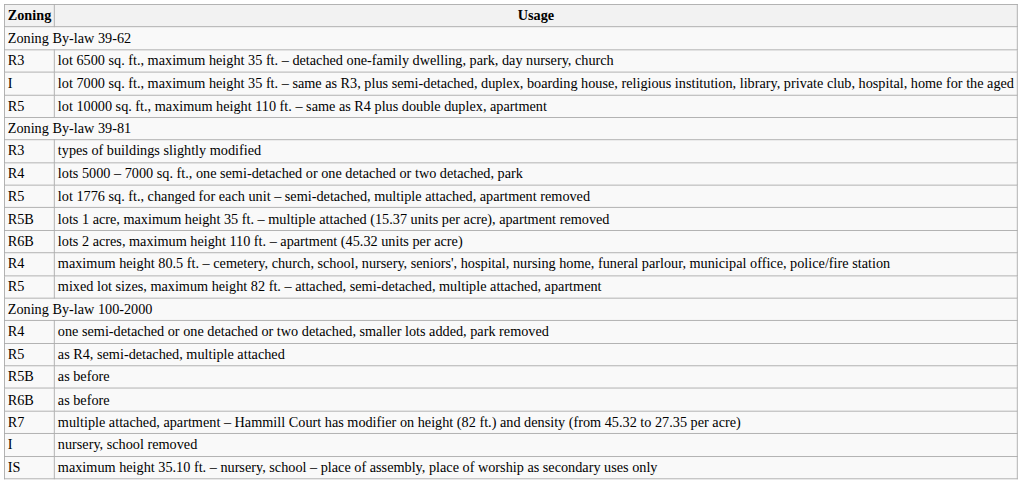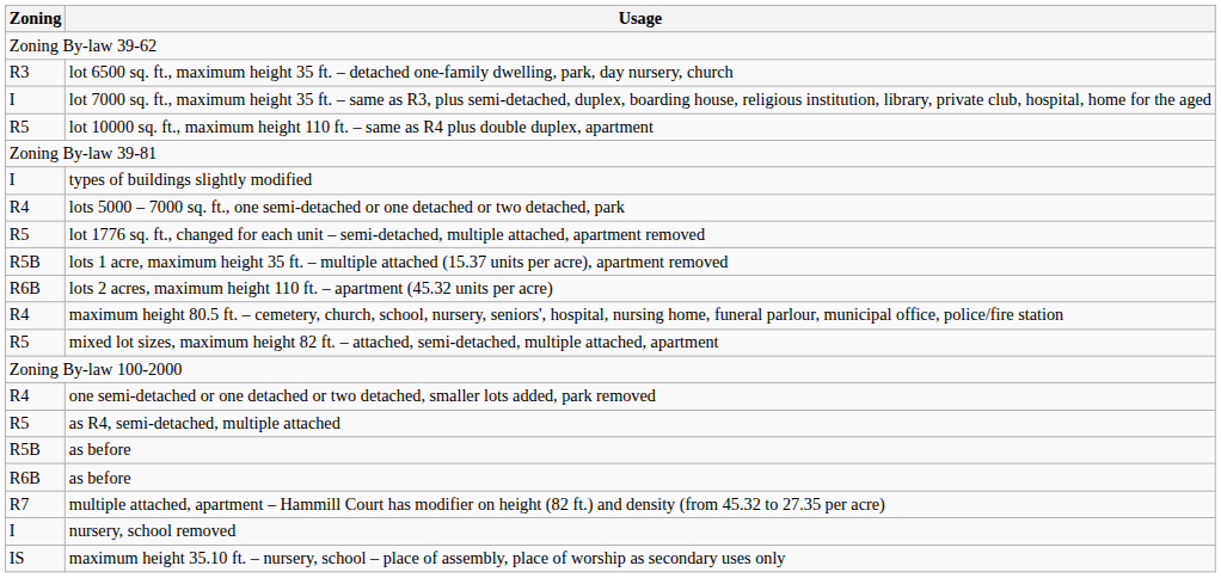 <table class="wikitable">
 <tr>
 <th>Zoning</th>
 <th>Usage</th>
 </tr>
 <tr>
 <td colspan="2">Zoning By-law 39-62</td>
 </tr>
 <tr>
 <td>R3</td>
 <td>lot 6500 sq. ft., maximum height 35 ft. – detached one-family dwelling, park, day nursery, church</td>
 </tr>
 <tr>
 <td>I</td>
 <td>lot 7000 sq. ft., maximum height 35 ft. – same as R3, plus semi-detached, duplex, boarding house, religious institution, library, private club, hospital, home for the aged</td>
 </tr>
 <tr>
 <td>R5</td>
 <td>lot 10000 sq. ft., maximum height 110 ft. – same as R4 plus double duplex, apartment</td>
 </tr>
 <tr>
 <td colspan="2">Zoning By-law 39-81</td>
 </tr>
 <tr>
-<td>R3</td>
+<td>I</td>
 <td>types of buildings slightly modified</td>
 </tr>
 <tr>
 <td>R4</td>
 <td>lots 5000 – 7000 sq. ft., one semi-detached or one detached or two detached, park</td>
 </tr>
 <tr>
 <td>R5</td>
 <td>lot 1776 sq. ft., changed for each unit – semi-detached, multiple attached, apartment removed</td>
 </tr>
 <tr>
 <td>R5B</td>
 <td>lots 1 acre, maximum height 35 ft. – multiple attached (15.37 units per acre), apartment removed</td>
 </tr>
 <tr>
 <td>R6B</td>
 <td>lots 2 acres, maximum height 110 ft. – apartment (45.32 units per acre)</td>
 </tr>
 <tr>
 <td>R4</td>
 <td>maximum height 80.5 ft. –  cemetery, church, school, nursery, seniors', hospital, nursing home, funeral parlour, municipal office, police/fire station</td>
 </tr>
 <tr>
 <td>R5</td>
 <td>mixed lot sizes, maximum height 82 ft. – attached, semi-detached, multiple attached, apartment</td>
 </tr>
 <tr>
 <td colspan="2">Zoning By-law 100-2000</td>
 </tr>
 <tr>
 <td>R4</td>
 <td>one semi-detached or one detached or two detached, smaller lots added, park removed</td>
 </tr>
 <tr>
 <td>R5</td>
 <td>as R4, semi-detached, multiple attached</td>
 </tr>
 <tr>
 <td>R5B</td>
 <td>as before</td>
 </tr>
 <tr>
 <td>R6B</td>
 <td>as before</td>
 </tr>
 <tr>
 <td>R7</td>
 <td>multiple attached, apartment – Hammill Court has modifier on height (82 ft.) and density (from 45.32 to 27.35 per acre)</td>
 </tr>
 <tr>
 <td>I</td>
 <td>nursery, school removed</td>
 </tr>
 <tr>
 <td>IS</td>
 <td>maximum height 35.10 ft. – nursery, school – place of assembly, place of worship as secondary uses only</td>
 </tr>
 </table>
